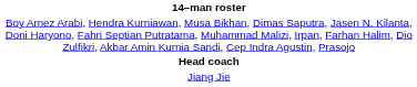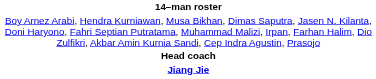 <table style="text-align:center; margin-top:2em; margin-left:auto; margin-right:auto">
 <tr>
 <td><strong>14–man roster</strong></td>
 </tr>
 <tr>
 <td><a href='#'>Boy Arnez Arabi</a>, <a href='#'>Hendra Kurniawan</a>, <a href='#'>Musa Bikhan</a>, <a href='#'>Dimas Saputra</a>, <a href='#'>Jasen N. Kilanta</a>, <a href='#'>Doni Haryono</a>, <a href='#'>Fahri Septian Putratama</a>, <a href='#'>Muhammad Malizi</a>, <a href='#'>Irpan</a>, <a href='#'>Farhan Halim</a>, <a href='#'>Dio Zulfikri</a>, <a href='#'>Akbar Amin Kurnia Sandi</a>, <a href='#'>Cep Indra Agustin</a>, <a href='#'>Prasojo</a></td>
 </tr>
 <tr>
 <td><strong>Head coach</strong></td>
 </tr>
 <tr>
-<td> <a href='#'>Jiang Jie</a></td>
+<td><strong> <a href='#'>Jiang Jie</a></strong></td>
 </tr>
 </table>
